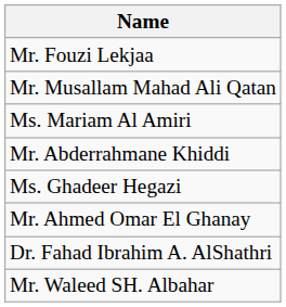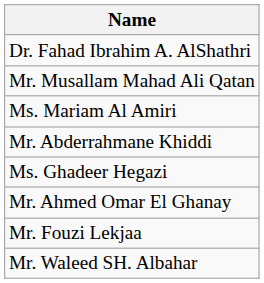 <table class="wikitable">
 <tr>
 <th>Name</th>
 </tr>
 <tr>
-<td>Mr. Fouzi Lekjaa</td>
+<td>Dr. Fahad Ibrahim A. AlShathri</td>
 </tr>
 <tr>
 <td>Mr. Musallam Mahad Ali Qatan</td>
 </tr>
 <tr>
 <td>Ms. Mariam Al Amiri</td>
 </tr>
 <tr>
 <td>Mr. Abderrahmane Khiddi</td>
 </tr>
 <tr>
 <td>Ms. Ghadeer Hegazi</td>
 </tr>
 <tr>
 <td>Mr. Ahmed Omar El Ghanay</td>
 </tr>
 <tr>
-<td>Dr. Fahad Ibrahim A. AlShathri</td>
+<td>Mr. Fouzi Lekjaa</td>
 </tr>
 <tr>
 <td>Mr. Waleed SH. Albahar</td>
 </tr>
 </table>
